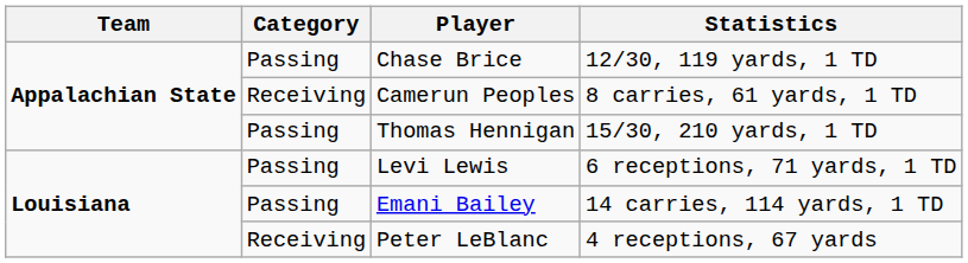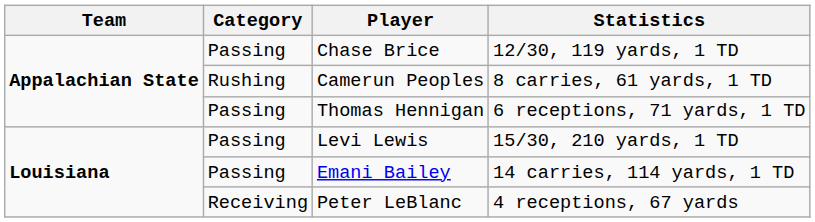 <table class="wikitable" style="float: left;">
 <tr>
 <th>Team</th>
 <th>Category</th>
 <th>Player</th>
 <th>Statistics</th>
 </tr>
 <tr>
 <td rowspan=3><strong>Appalachian State</strong></td>
 <td>Passing</td>
 <td>Chase Brice</td>
 <td>12/30, 119 yards, 1 TD</td>
 </tr>
 <tr>
-<td>Receiving</td>
+<td>Rushing</td>
 <td>Camerun Peoples</td>
 <td>8 carries, 61 yards, 1 TD</td>
 </tr>
 <tr>
 <td>Passing</td>
 <td>Thomas Hennigan</td>
-<td>15/30, 210 yards, 1 TD</td>
+<td>6 receptions, 71 yards, 1 TD</td>
 </tr>
 <tr>
 <td rowspan=3><strong>Louisiana</strong></td>
 <td>Passing</td>
 <td>Levi Lewis</td>
-<td>6 receptions, 71 yards, 1 TD</td>
+<td>15/30, 210 yards, 1 TD</td>
 </tr>
 <tr>
 <td>Passing</td>
 <td><a href='#'>Emani Bailey</a></td>
 <td>14 carries, 114 yards, 1 TD</td>
 </tr>
 <tr>
 <td>Receiving</td>
 <td>Peter LeBlanc</td>
 <td>4 receptions, 67 yards</td>
 </tr>
 </table>
